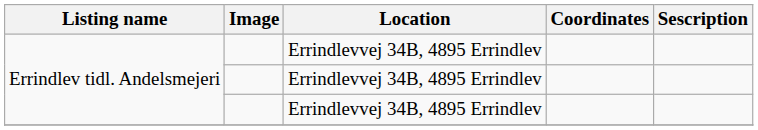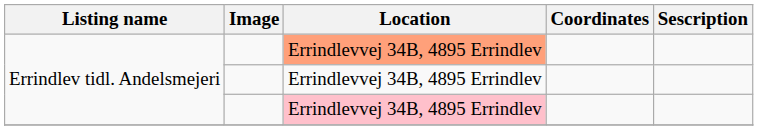 <table class="wikitable sortable">
 <tr>
 <th>Listing name</th>
 <th>Image</th>
 <th>Location</th>
 <th>Coordinates</th>
 <th>Sescription</th>
 </tr>
 <tr>
 <td rowspan="3">Errindlev tidl. Andelsmejeri</td>
 <td></td>
-<td>Errindlevvej 34B, 4895 Errindlev</td>
+<td style="background: lightsalmon;">Errindlevvej 34B, 4895 Errindlev</td>
 <td></td>
 <td></td>
 </tr>
 <tr>
 <td></td>
 <td>Errindlevvej 34B, 4895 Errindlev</td>
 <td></td>
 <td></td>
 </tr>
 <tr>
 <td></td>
-<td>Errindlevvej 34B, 4895 Errindlev</td>
+<td style="background: pink;">Errindlevvej 34B, 4895 Errindlev</td>
 <td></td>
 <td></td>
 </tr>
 <tr>
 </tr>
 <tr>
 </tr>
 </table>
